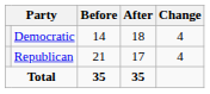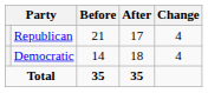 <table class="wikitable" style="text-align:center;">
 <tr>
 <th colspan="2">Party</th>
 <th>Before</th>
 <th>After</th>
 <th>Change</th>
 </tr>
 <tr>
 <th style="background-color:"></th>
-<td style="text-align:left;"><a href='#'>Democratic</a></td>
-<td>14</td>
-<td>18</td>
+<td style="text-align:left;"><a href='#'>Republican</a></td>
+<td>21</td>
+<td>17</td>
 <td> 4</td>
 </tr>
 <tr>
 <th style="background-color:"></th>
-<td style="text-align:left;"><a href='#'>Republican</a></td>
-<td>21</td>
-<td>17</td>
+<td style="text-align:left;"><a href='#'>Democratic</a></td>
+<td>14</td>
+<td>18</td>
 <td> 4</td>
 </tr>
 <tr>
 <td colspan="2"><strong>Total</strong></td>
 <td><strong>35</strong></td>
 <td><strong>35</strong></td>
 <td></td>
 </tr>
 </table>
